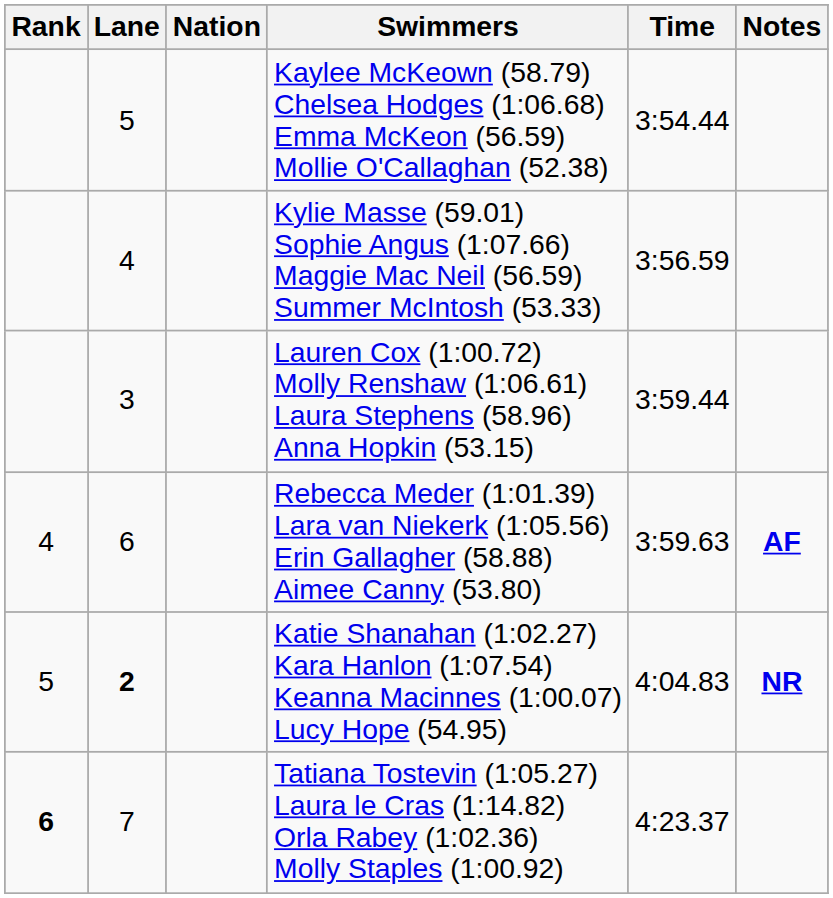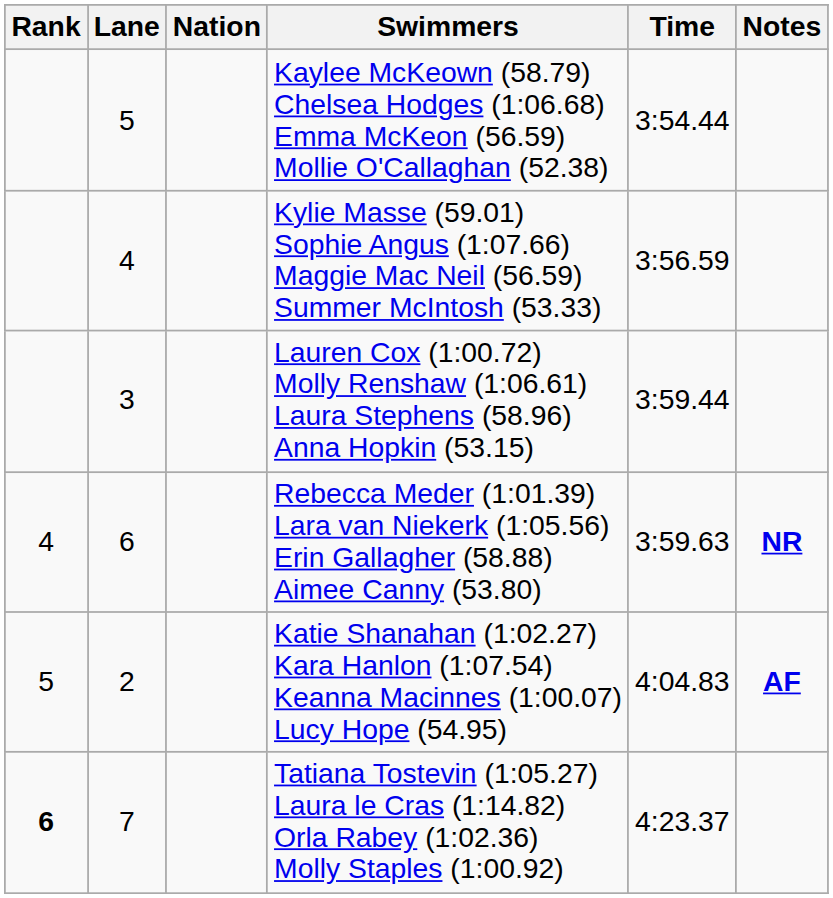 <table class="wikitable sortable" style="text-align:center">
 <tr>
 <th>Rank</th>
 <th>Lane</th>
 <th>Nation</th>
 <th>Swimmers</th>
 <th>Time</th>
 <th>Notes</th>
 </tr>
 <tr>
 <td></td>
 <td>5</td>
 <td align=left></td>
 <td align="left"><a href='#'>Kaylee McKeown</a> (58.79)<br><a href='#'>Chelsea Hodges</a> (1:06.68)<br><a href='#'>Emma McKeon</a> (56.59)<br><a href='#'>Mollie O'Callaghan</a> (52.38)</td>
 <td>3:54.44</td>
 <td></td>
 </tr>
 <tr>
 <td></td>
 <td>4</td>
 <td align=left></td>
 <td align="left"><a href='#'>Kylie Masse</a> (59.01)<br><a href='#'>Sophie Angus</a> (1:07.66)<br><a href='#'>Maggie Mac Neil</a> (56.59)<br><a href='#'>Summer McIntosh</a> (53.33)</td>
 <td>3:56.59</td>
 <td></td>
 </tr>
 <tr>
 <td></td>
 <td>3</td>
 <td align=left></td>
 <td align="left"><a href='#'>Lauren Cox</a> (1:00.72)<br><a href='#'>Molly Renshaw</a> (1:06.61)<br><a href='#'>Laura Stephens</a> (58.96)<br><a href='#'>Anna Hopkin</a> (53.15)</td>
 <td>3:59.44</td>
 <td></td>
 </tr>
 <tr>
 <td>4</td>
 <td>6</td>
 <td align=left></td>
 <td align="left"><a href='#'>Rebecca Meder</a> (1:01.39)<br><a href='#'>Lara van Niekerk</a> (1:05.56)<br><a href='#'>Erin Gallagher</a> (58.88)<br><a href='#'>Aimee Canny</a> (53.80)</td>
 <td>3:59.63</td>
-<td><strong><a href='#'>AF</a></strong></td>
+<td><strong><a href='#'>NR</a></strong></td>
 </tr>
 <tr>
 <td>5</td>
-<td><strong>2</strong></td>
+<td>2</td>
 <td align=left></td>
 <td align="left"><a href='#'>Katie Shanahan</a> (1:02.27)<br><a href='#'>Kara Hanlon</a> (1:07.54)<br><a href='#'>Keanna Macinnes</a> (1:00.07)<br><a href='#'>Lucy Hope</a> (54.95)</td>
 <td>4:04.83</td>
-<td><strong><a href='#'>NR</a></strong></td>
+<td><strong><a href='#'>AF</a></strong></td>
 </tr>
 <tr>
 <td><strong>6</strong></td>
 <td>7</td>
 <td align=left></td>
 <td align="left"><a href='#'>Tatiana Tostevin</a> (1:05.27)<br><a href='#'>Laura le Cras</a> (1:14.82)<br><a href='#'>Orla Rabey</a> (1:02.36)<br><a href='#'>Molly Staples</a> (1:00.92)</td>
 <td>4:23.37</td>
 <td></td>
 </tr>
 <tr>
 </tr>
 </table>
